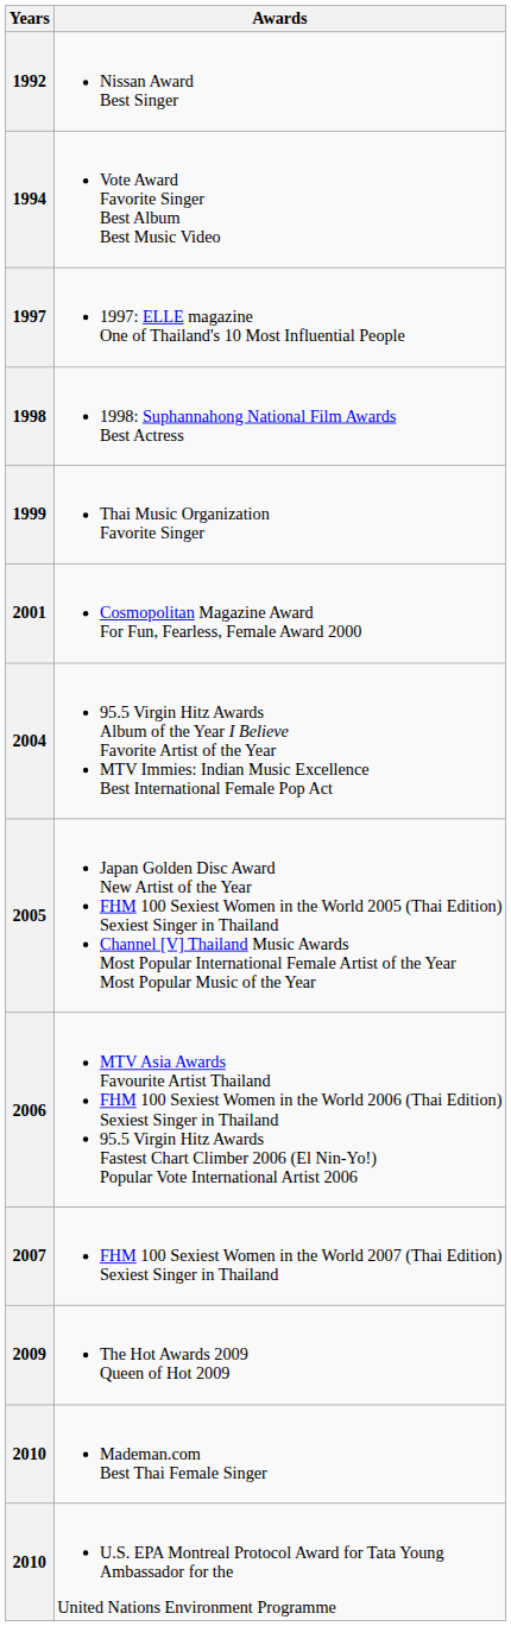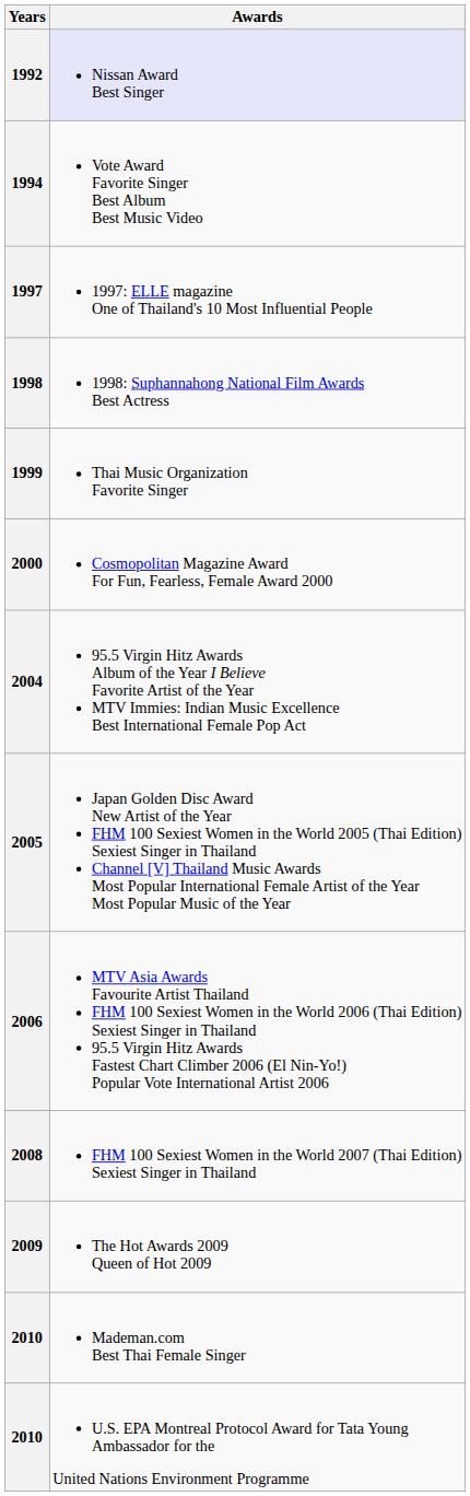 <table class="wikitable">
 <tr>
 <th align="left">Years</th>
 <th align="left">Awards</th>
 </tr>
 <tr>
 <th>1992</th>
-<td align="left"><br><ul><li>Nissan Award<br>Best Singer</li></ul></td>
+<td align="left" style="background: lavender;"><br><ul><li>Nissan Award<br>Best Singer</li></ul></td>
 </tr>
 <tr>
 <th>1994</th>
 <td align="left"><br><ul><li>Vote Award<br>Favorite Singer<br>Best Album<br>Best Music Video</li></ul></td>
 </tr>
 <tr>
 <th>1997</th>
 <td align="left"><br><ul><li>1997: <a href='#'>ELLE</a> magazine<br>One of Thailand's 10 Most Influential People</li></ul></td>
 </tr>
 <tr>
 <th>1998</th>
 <td align="left"><br><ul><li>1998: <a href='#'>Suphannahong National Film Awards</a> <br> Best Actress</li></ul></td>
 </tr>
 <tr>
 <th>1999</th>
 <td align="left"><br><ul><li>Thai Music Organization<br>Favorite Singer</li></ul></td>
 </tr>
 <tr>
-<th>2001</th>
+<th>2000</th>
 <td align="left"><br><ul><li><a href='#'>Cosmopolitan</a> Magazine Award<br>For Fun, Fearless, Female Award 2000</li></ul></td>
 </tr>
 <tr>
 <th>2004</th>
 <td align="left"><br><ul><li>95.5 Virgin Hitz Awards<br>Album of the Year <em>I Believe</em><br>Favorite Artist of the Year</li><li>MTV Immies: Indian Music Excellence<br>Best International Female Pop Act</li></ul></td>
 </tr>
 <tr>
 <th>2005</th>
 <td align="left"><br><ul><li>Japan Golden Disc Award<br>New Artist of the Year</li><li><a href='#'>FHM</a> 100 Sexiest Women in the World 2005 (Thai Edition)<br>Sexiest Singer in Thailand</li><li><a href='#'>Channel [V] Thailand</a> Music Awards<br>Most Popular International Female Artist of the Year<br>Most Popular Music of the Year</li></ul></td>
 </tr>
 <tr>
 <th>2006</th>
 <td align="left"><br><ul><li><a href='#'>MTV Asia Awards</a><br>Favourite Artist Thailand</li><li><a href='#'>FHM</a> 100 Sexiest Women in the World 2006 (Thai Edition)<br>Sexiest Singer in Thailand</li><li>95.5 Virgin Hitz Awards<br>Fastest Chart Climber 2006 (El Nin-Yo!)<br>Popular Vote International Artist 2006</li></ul></td>
 </tr>
 <tr>
-<th>2007</th>
+<th>2008</th>
 <td align="left"><br><ul><li><a href='#'>FHM</a> 100 Sexiest Women in the World 2007 (Thai Edition)<br>Sexiest Singer in Thailand</li></ul></td>
 </tr>
 <tr>
 <th>2009</th>
 <td align="left"><br><ul><li>The Hot Awards 2009<br>Queen of Hot 2009</li></ul></td>
 </tr>
 <tr>
 <th>2010</th>
 <td align="left"><br><ul><li>Mademan.com<br>Best Thai Female Singer</li></ul></td>
 </tr>
 <tr>
 <th>2010</th>
 <td align="left"><br><ul><li>U.S. EPA Montreal Protocol Award for Tata Young<br>Ambassador for the</li></ul>United Nations Environment Programme</td>
 </tr>
 </table>
